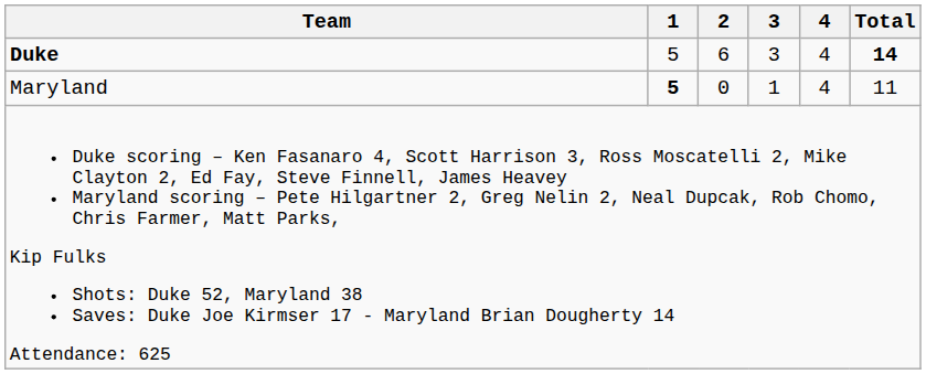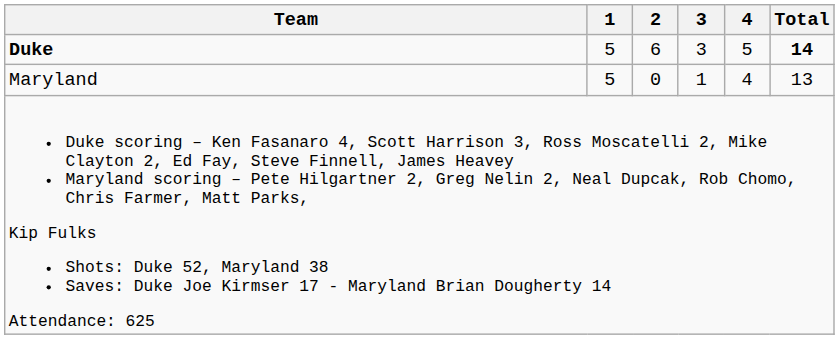 <table class="wikitable" style="text-align:center; max-width:45em">
 <tr>
 <th>Team</th>
 <th style="width:2em">1</th>
 <th style="width:2em">2</th>
 <th style="width:2em">3</th>
 <th style="width:2em">4</th>
 <th style="width:2em">Total</th>
 </tr>
 <tr>
 <td style="text-align:left"><strong>Duke</strong></td>
 <td>5</td>
 <td>6</td>
 <td>3</td>
-<td>4</td>
+<td>5</td>
 <td><strong>14</strong></td>
 </tr>
 <tr>
 <td style="text-align:left">Maryland</td>
-<td><strong>5</strong></td>
+<td>5</td>
 <td>0</td>
 <td>1</td>
 <td>4</td>
-<td>11</td>
+<td>13</td>
 </tr>
 <tr>
 <td colspan=6 style="text-align:left; font-size:88%;"><br><ul><li>Duke scoring – Ken Fasanaro 4, Scott Harrison 3, Ross Moscatelli 2, Mike Clayton 2, Ed Fay, Steve Finnell, James Heavey</li><li>Maryland scoring – Pete Hilgartner 2, Greg Nelin 2, Neal Dupcak, Rob Chomo, Chris Farmer, Matt Parks,</li></ul>Kip Fulks<ul><li>Shots: Duke 52, Maryland 38</li><li>Saves: Duke Joe Kirmser 17 - Maryland Brian Dougherty 14</li></ul>Attendance: 625 </td>
 </tr>
 </table>
